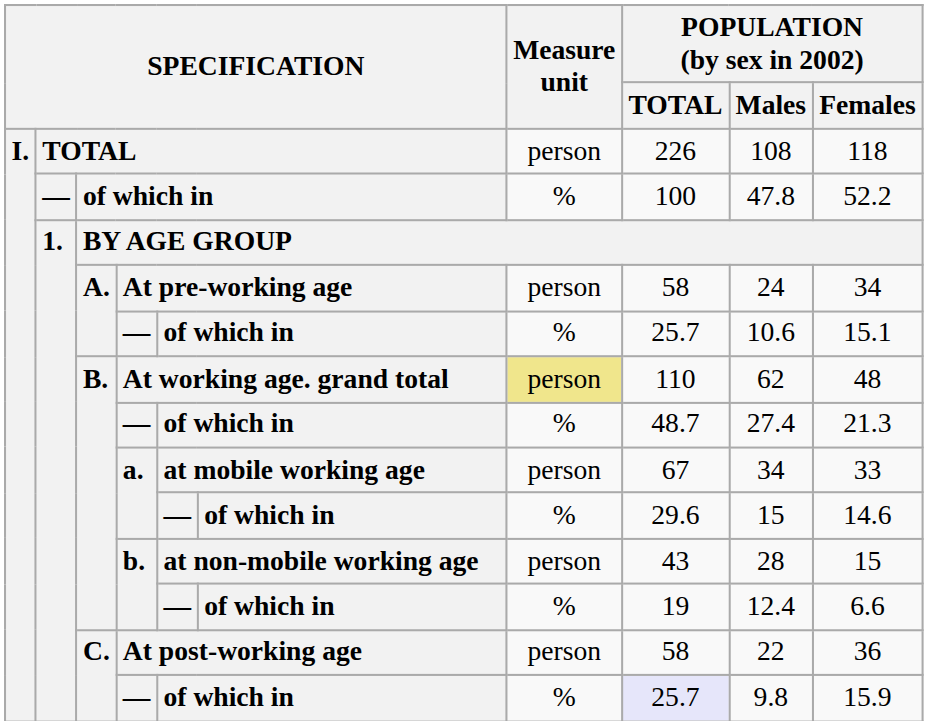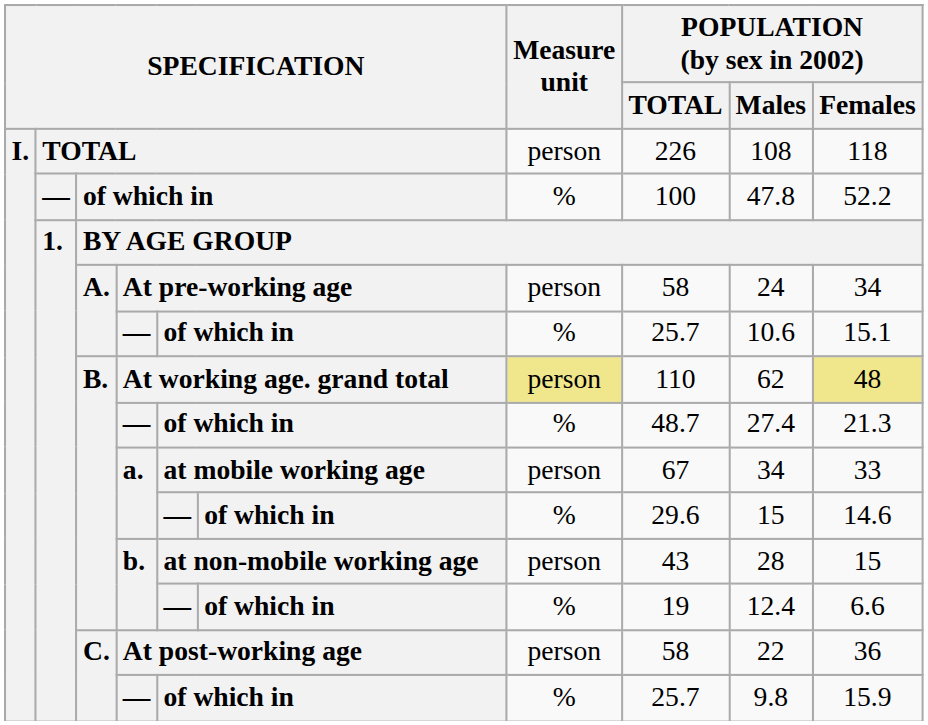 <table class="wikitable" style="font-size:85%; text-align:center">
 <tr>
 <th rowspan="2" colspan="6">SPECIFICATION</th>
 <th rowspan="2">Measure<br> unit</th>
 <th colspan="3" rowspan="1">POPULATION<br> (by sex in 2002)</th>
 </tr>
 <tr>
 <th>TOTAL</th>
 <th>Males</th>
 <th>Females</th>
 </tr>
 <tr>
 <th style="text-align:left" valign="top" rowspan="13">I.</th>
 <th style="text-align:left" colspan="5">TOTAL</th>
 <td>person</td>
 <td>226</td>
 <td>108</td>
 <td>118</td>
 </tr>
 <tr>
 <th style="text-align:left" valign="top">—</th>
 <th style="text-align:left" colspan="4">of which in</th>
 <td>%</td>
 <td>100</td>
 <td>47.8</td>
 <td>52.2</td>
 </tr>
 <tr>
 <th style="text-align:left" valign="top" rowspan="11">1.</th>
 <th style="text-align:left" colspan="19">BY AGE GROUP</th>
 </tr>
 <tr>
 <th style="text-align:left" valign="top" rowspan="2">A.</th>
 <th style="text-align:left" colspan="3">At pre-working age</th>
 <td>person</td>
 <td>58</td>
 <td>24</td>
 <td>34</td>
 </tr>
 <tr>
 <th style="text-align:left" valign="top">—</th>
 <th style="text-align:left" valign="top" colspan="2">of which in</th>
 <td>%</td>
 <td>25.7</td>
 <td>10.6</td>
 <td>15.1</td>
 </tr>
 <tr>
 <th style="text-align:left" valign="top" rowspan="6">B.</th>
 <th style="text-align:left" colspan="3">At working age. grand total</th>
 <td style="background: khaki;">person</td>
 <td>110</td>
 <td>62</td>
-<td>48</td>
+<td style="background: khaki;">48</td>
 </tr>
 <tr>
 <th style="text-align:left" valign="top">—</th>
 <th style="text-align:left" valign="top" colspan="2">of which in</th>
 <td>%</td>
 <td>48.7</td>
 <td>27.4</td>
 <td>21.3</td>
 </tr>
 <tr>
 <th style="text-align:left" valign="top" rowspan="2">a.</th>
 <th style="text-align:left" colspan="2">at mobile working age</th>
 <td>person</td>
 <td>67</td>
 <td>34</td>
 <td>33</td>
 </tr>
 <tr>
 <th style="text-align:left" valign="top">—</th>
 <th style="text-align:left" valign="top" colspan="1">of which in                        </th>
 <td>%</td>
 <td>29.6</td>
 <td>15</td>
 <td>14.6</td>
 </tr>
 <tr>
 <th style="text-align:left" valign="top" rowspan="2">b.</th>
 <th style="text-align:left" colspan="2">at non-mobile working age</th>
 <td>person</td>
 <td>43</td>
 <td>28</td>
 <td>15</td>
 </tr>
 <tr>
 <th style="text-align:left" valign="top">—</th>
 <th style="text-align:left" valign="top" colspan="1">of which in                        </th>
 <td>%</td>
 <td>19</td>
 <td>12.4</td>
 <td>6.6</td>
 </tr>
 <tr>
 <th style="text-align:left" valign="top" rowspan="2">C.</th>
 <th style="text-align:left" colspan="3">At post-working age</th>
 <td>person</td>
 <td>58</td>
 <td>22</td>
 <td>36</td>
 </tr>
 <tr>
 <th style="text-align:left" valign="top">—</th>
 <th style="text-align:left" valign="top" colspan="2">of which in</th>
 <td>%</td>
-<td style="background: lavender;">25.7</td>
+<td>25.7</td>
 <td>9.8</td>
 <td>15.9</td>
 </tr>
 </table>
